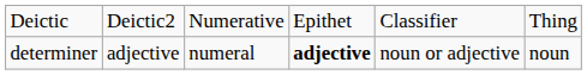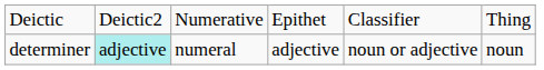 <table class="wikitable">
 <tr>
 <td>Deictic</td>
 <td>Deictic2</td>
 <td>Numerative</td>
 <td>Epithet</td>
 <td>Classifier</td>
 <td>Thing</td>
 </tr>
 <tr>
 <td>determiner</td>
+<td style="background: paleturquoise;">adjective</td>
+<td>numeral</td>
 <td>adjective</td>
-<td>numeral</td>
-<td><strong>adjective</strong></td>
 <td>noun or adjective</td>
 <td>noun</td>
 </tr>
 </table>
